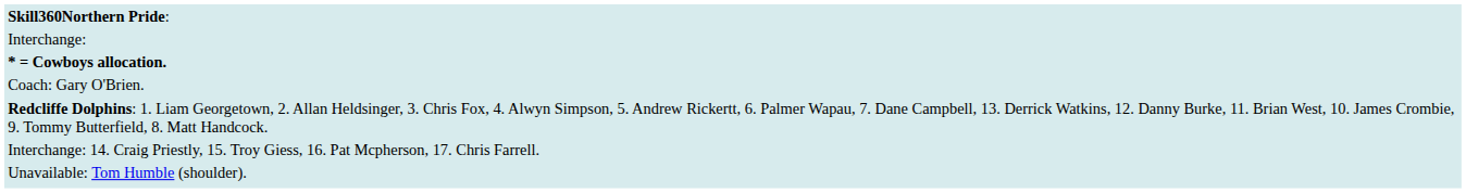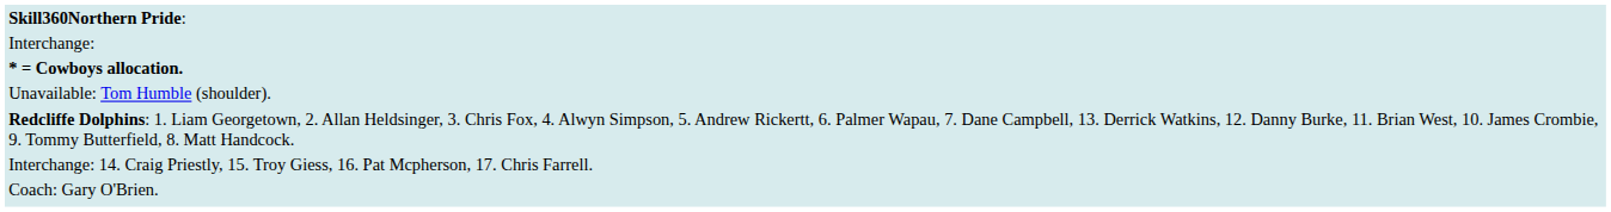 <table style="background:#d7ebed; font-size:85%; width:100%;">
 <tr>
 <td><strong>Skill360Northern Pride</strong>:             </td>
 </tr>
 <tr>
 <td>Interchange:    </td>
 </tr>
 <tr>
 <td><strong>* = Cowboys allocation.</strong></td>
 </tr>
 <tr>
-<td>Coach: Gary O'Brien.</td>
+<td>Unavailable: <a href='#'>Tom Humble</a> (shoulder).</td>
 </tr>
 <tr>
 <td><strong>Redcliffe Dolphins</strong>: 1. Liam Georgetown, 2. Allan Heldsinger, 3. Chris Fox, 4. Alwyn Simpson, 5. Andrew Rickertt, 6. Palmer Wapau, 7. Dane Campbell, 13. Derrick Watkins, 12. Danny Burke, 11. Brian West, 10. James Crombie, 9. Tommy Butterfield, 8. Matt Handcock.</td>
 </tr>
 <tr>
 <td>Interchange: 14. Craig Priestly, 15. Troy Giess, 16. Pat Mcpherson, 17. Chris Farrell.</td>
 </tr>
 <tr>
-<td>Unavailable: <a href='#'>Tom Humble</a> (shoulder).</td>
+<td>Coach: Gary O'Brien.</td>
 </tr>
 <tr>
 </tr>
 </table>
